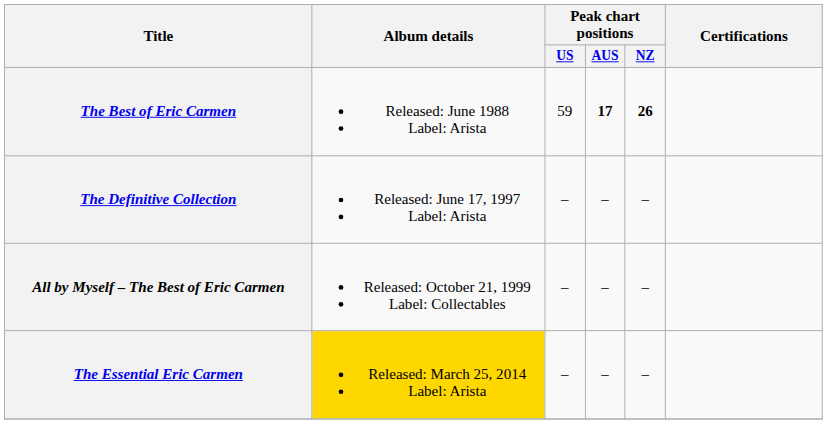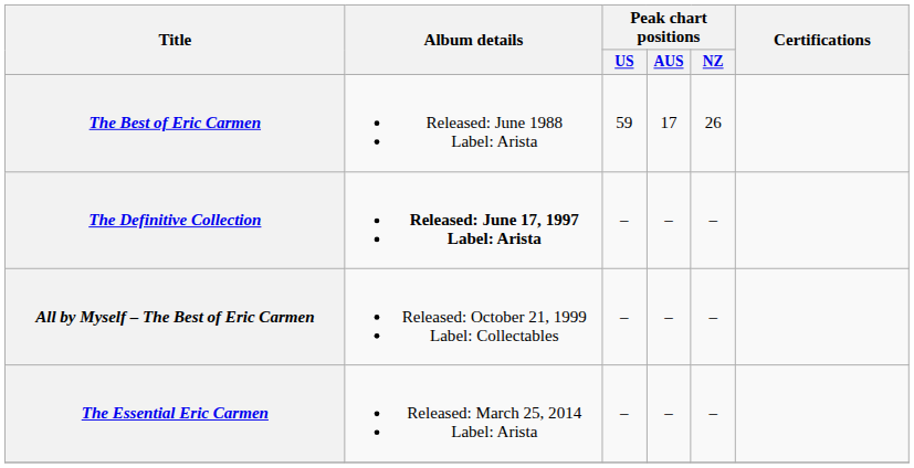 <table class="wikitable plainrowheaders" style="text-align:center;">
 <tr>
 <th rowspan="2" style="width:20em;">Title</th>
 <th rowspan="2" style="width:15em;">Album details</th>
 <th colspan="3">Peak chart positions</th>
 <th rowspan="2" style="width:10em;">Certifications</th>
 </tr>
 <tr>
 <th scope="col" style="width:2.5em;font-size:90%;"><a href='#'>US</a><br></th>
 <th scope="col" style="width:2.5em;font-size:90%;"><a href='#'>AUS</a><br></th>
 <th scope="col" style="width:2.5em;font-size:90%;"><a href='#'>NZ</a><br></th>
 </tr>
 <tr>
 <th scope="row"><em><a href='#'>The Best of Eric Carmen</a></em></th>
 <td><br><ul><li>Released: June 1988</li><li>Label: Arista</li></ul></td>
 <td>59</td>
-<td><strong>17</strong></td>
-<td><strong>26</strong></td>
+<td>17</td>
+<td>26</td>
 <td></td>
 </tr>
 <tr>
 <th scope="row"><em><a href='#'>The Definitive Collection</a></em></th>
-<td><br><ul><li>Released: June 17, 1997</li><li>Label: Arista</li></ul></td>
+<td><strong><br><ul><li>Released: June 17, 1997</li><li>Label: Arista</li></ul></strong></td>
 <td>–</td>
 <td>–</td>
 <td>–</td>
 <td></td>
 </tr>
 <tr>
 <th scope="row"><em>All by Myself – The Best of Eric Carmen</em></th>
 <td><br><ul><li>Released: October 21, 1999</li><li>Label: Collectables</li></ul></td>
 <td>–</td>
 <td>–</td>
 <td>–</td>
 <td></td>
 </tr>
 <tr>
 <th scope="row"><em><a href='#'>The Essential Eric Carmen</a></em></th>
-<td style="background: gold;"><br><ul><li>Released: March 25, 2014</li><li>Label: Arista</li></ul></td>
+<td><br><ul><li>Released: March 25, 2014</li><li>Label: Arista</li></ul></td>
 <td>–</td>
 <td>–</td>
 <td>–</td>
 <td></td>
 </tr>
 <tr>
 </tr>
 </table>
